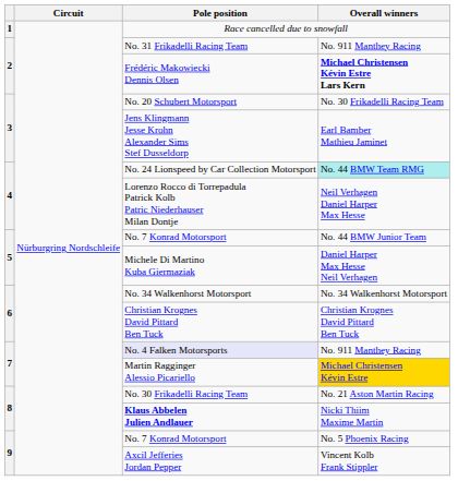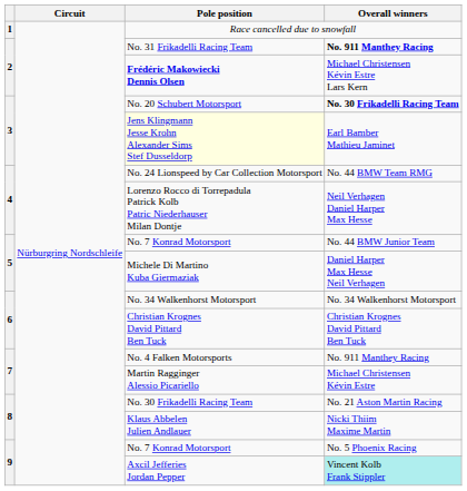 <table class="wikitable" style="font-size: 85%;">
 <tr>
 <th></th>
 <th>Circuit</th>
 <th>Pole position</th>
 <th>Overall winners</th>
 </tr>
 <tr>
 <th>1</th>
 <td rowspan="18"> <a href='#'>Nürburgring Nordschleife</a></td>
 <td style="text-align:center" colspan="2"><em>Race cancelled due to snowfall</em></td>
 </tr>
 <tr>
 <th rowspan="2">2</th>
 <td> No. 31 <a href='#'>Frikadelli Racing Team</a></td>
-<td> No. 911 <a href='#'>Manthey Racing</a></td>
+<td><strong> No. 911 <a href='#'>Manthey Racing</a></strong></td>
 </tr>
 <tr>
-<td> <a href='#'>Frédéric Makowiecki</a><br> <a href='#'>Dennis Olsen</a></td>
-<td><strong> <a href='#'>Michael Christensen</a><br> <a href='#'>Kévin Estre</a><br> Lars Kern</strong></td>
+<td><strong> <a href='#'>Frédéric Makowiecki</a><br> <a href='#'>Dennis Olsen</a></strong></td>
+<td> <a href='#'>Michael Christensen</a><br> <a href='#'>Kévin Estre</a><br> Lars Kern</td>
 </tr>
 <tr>
 <th rowspan="2">3</th>
 <td> No. 20 <a href='#'>Schubert Motorsport</a></td>
-<td> No. 30 <a href='#'>Frikadelli Racing Team</a></td>
+<td><strong> No. 30 <a href='#'>Frikadelli Racing Team</a></strong></td>
 </tr>
 <tr>
-<td> <a href='#'>Jens Klingmann</a><br> <a href='#'>Jesse Krohn</a><br> <a href='#'>Alexander Sims</a><br> <a href='#'>Stef Dusseldorp</a></td>
+<td style="background: lightyellow;"> <a href='#'>Jens Klingmann</a><br> <a href='#'>Jesse Krohn</a><br> <a href='#'>Alexander Sims</a><br> <a href='#'>Stef Dusseldorp</a></td>
 <td> <a href='#'>Earl Bamber</a><br> <a href='#'>Mathieu Jaminet</a></td>
 </tr>
 <tr>
 <th rowspan="2">4</th>
 <td> No. 24 Lionspeed by Car Collection Motorsport</td>
-<td style="background: paleturquoise;"> No. 44 <a href='#'>BMW Team RMG</a></td>
+<td> No. 44 <a href='#'>BMW Team RMG</a></td>
 </tr>
 <tr>
 <td> Lorenzo Rocco di Torrepadula<br> Patrick Kolb<br> <a href='#'>Patric Niederhauser</a><br> Milan Dontje</td>
 <td> <a href='#'>Neil Verhagen</a><br> <a href='#'>Daniel Harper</a><br> <a href='#'>Max Hesse</a></td>
 </tr>
 <tr>
 <th rowspan="2">5</th>
 <td> No. 7 <a href='#'>Konrad Motorsport</a></td>
 <td> No. 44 <a href='#'>BMW Junior Team</a></td>
 </tr>
 <tr>
 <td> Michele Di Martino<br> <a href='#'>Kuba Giermaziak</a></td>
 <td> <a href='#'>Daniel Harper</a><br> <a href='#'>Max Hesse</a><br> <a href='#'>Neil Verhagen</a></td>
 </tr>
 <tr>
 <th rowspan="2">6</th>
 <td> No. 34 Walkenhorst Motorsport</td>
 <td> No. 34 Walkenhorst Motorsport</td>
 </tr>
 <tr>
 <td> <a href='#'>Christian Krognes</a><br> <a href='#'>David Pittard</a><br> <a href='#'>Ben Tuck</a></td>
 <td> <a href='#'>Christian Krognes</a><br> <a href='#'>David Pittard</a><br> <a href='#'>Ben Tuck</a></td>
 </tr>
 <tr>
 <th rowspan="2">7</th>
-<td style="background: lavender;"> No. 4 Falken Motorsports</td>
+<td> No. 4 Falken Motorsports</td>
 <td> No. 911 <a href='#'>Manthey Racing</a></td>
 </tr>
 <tr>
 <td> Martin Ragginger<br> <a href='#'>Alessio Picariello</a></td>
-<td style="background: gold;"> <a href='#'>Michael Christensen</a><br> <a href='#'>Kévin Estre</a></td>
+<td> <a href='#'>Michael Christensen</a><br> <a href='#'>Kévin Estre</a></td>
 </tr>
 <tr>
 <th rowspan="2">8</th>
 <td> No. 30 <a href='#'>Frikadelli Racing Team</a></td>
 <td> No. 21 <a href='#'>Aston Martin Racing</a></td>
 </tr>
 <tr>
-<td><strong> <a href='#'>Klaus Abbelen</a><br> <a href='#'>Julien Andlauer</a></strong></td>
+<td> <a href='#'>Klaus Abbelen</a><br> <a href='#'>Julien Andlauer</a></td>
 <td> <a href='#'>Nicki Thiim</a><br> <a href='#'>Maxime Martin</a></td>
 </tr>
 <tr>
 <th rowspan="2">9</th>
 <td> No. 7 <a href='#'>Konrad Motorsport</a></td>
 <td> No. 5 <a href='#'>Phoenix Racing</a></td>
 </tr>
 <tr>
 <td> <a href='#'>Axcil Jefferies</a><br> <a href='#'>Jordan Pepper</a></td>
-<td> Vincent Kolb<br> <a href='#'>Frank Stippler</a></td>
+<td style="background: paleturquoise;"> Vincent Kolb<br> <a href='#'>Frank Stippler</a></td>
 </tr>
 </table>
